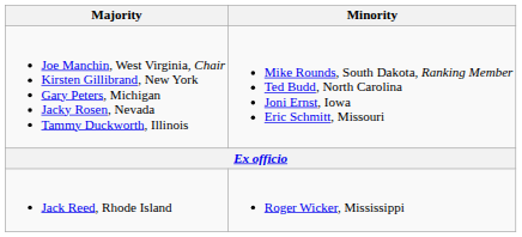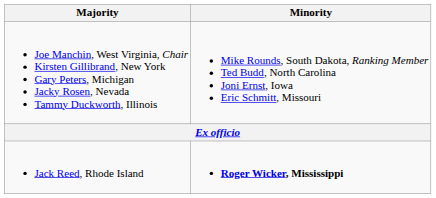 <table class=wikitable>
 <tr>
 <th>Majority</th>
 <th>Minority</th>
 </tr>
 <tr>
 <td><br><ul><li><a href='#'>Joe Manchin</a>, West Virginia, <em>Chair</em></li><li><a href='#'>Kirsten Gillibrand</a>, New York</li><li><a href='#'>Gary Peters</a>, Michigan</li><li><a href='#'>Jacky Rosen</a>, Nevada</li><li><a href='#'>Tammy Duckworth</a>, Illinois</li></ul></td>
 <td><br><ul><li><a href='#'>Mike Rounds</a>, South Dakota, <em>Ranking Member</em></li><li><a href='#'>Ted Budd</a>, North Carolina</li><li><a href='#'>Joni Ernst</a>, Iowa</li><li><a href='#'>Eric Schmitt</a>, Missouri</li></ul></td>
 </tr>
 <tr>
 <th colspan=2><em><a href='#'>Ex officio</a></em></th>
 </tr>
 <tr>
 <td><br><ul><li><a href='#'>Jack Reed</a>, Rhode Island</li></ul></td>
-<td><br><ul><li><a href='#'>Roger Wicker</a>, Mississippi</li></ul></td>
+<td><strong><br><ul><li><a href='#'>Roger Wicker</a>, Mississippi</li></ul></strong></td>
 </tr>
 </table>
